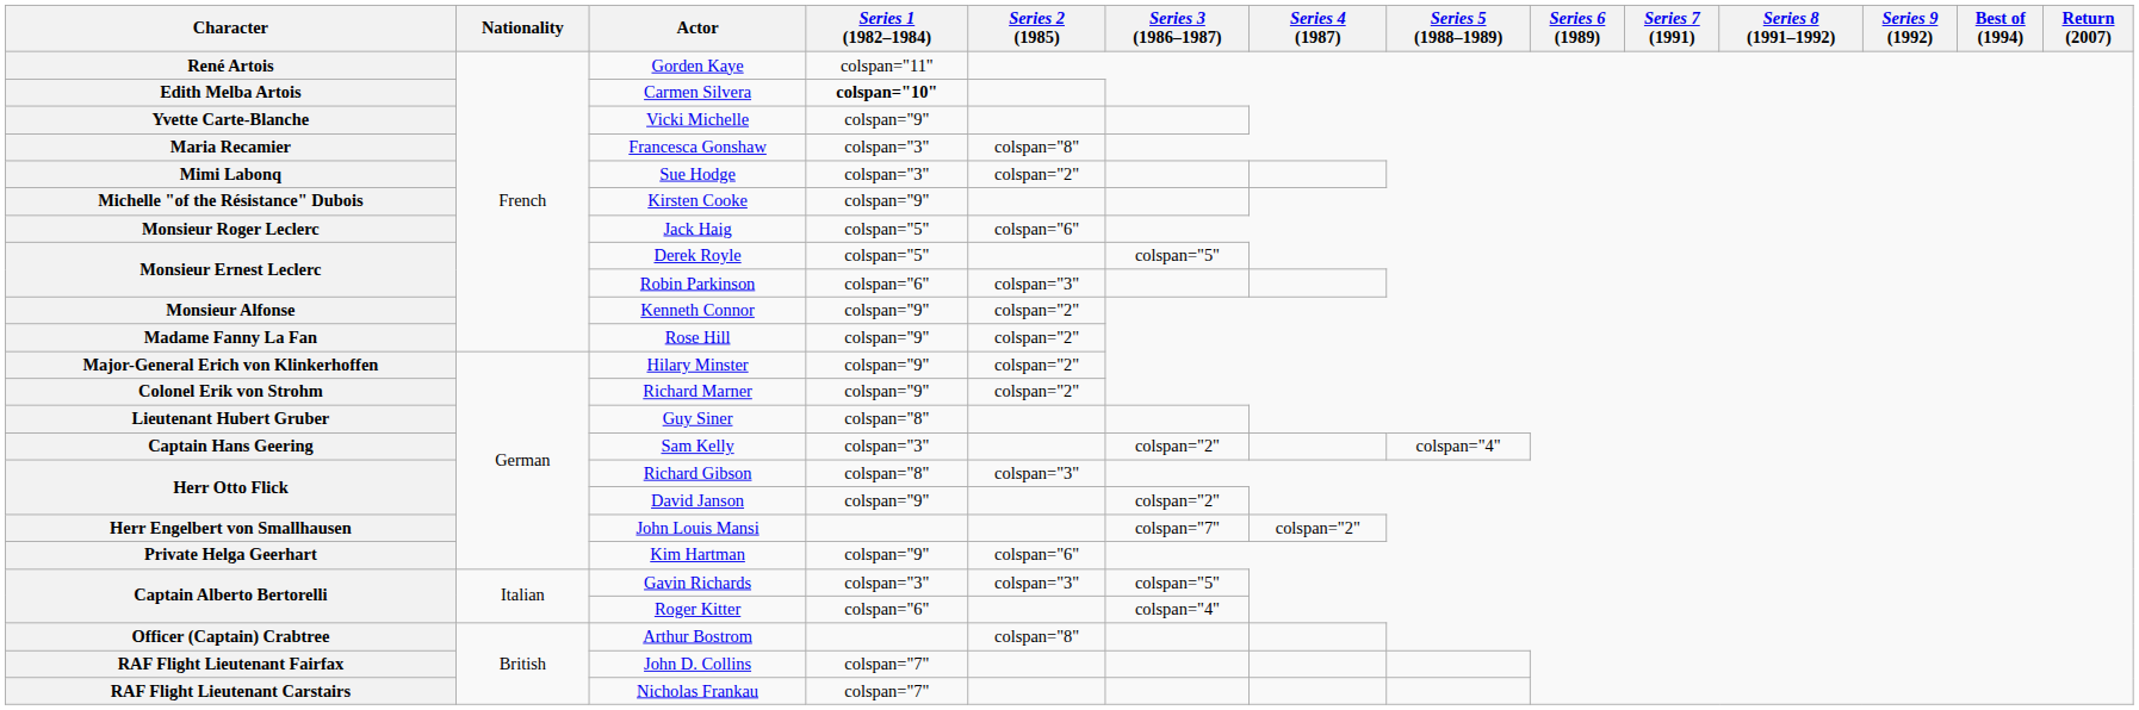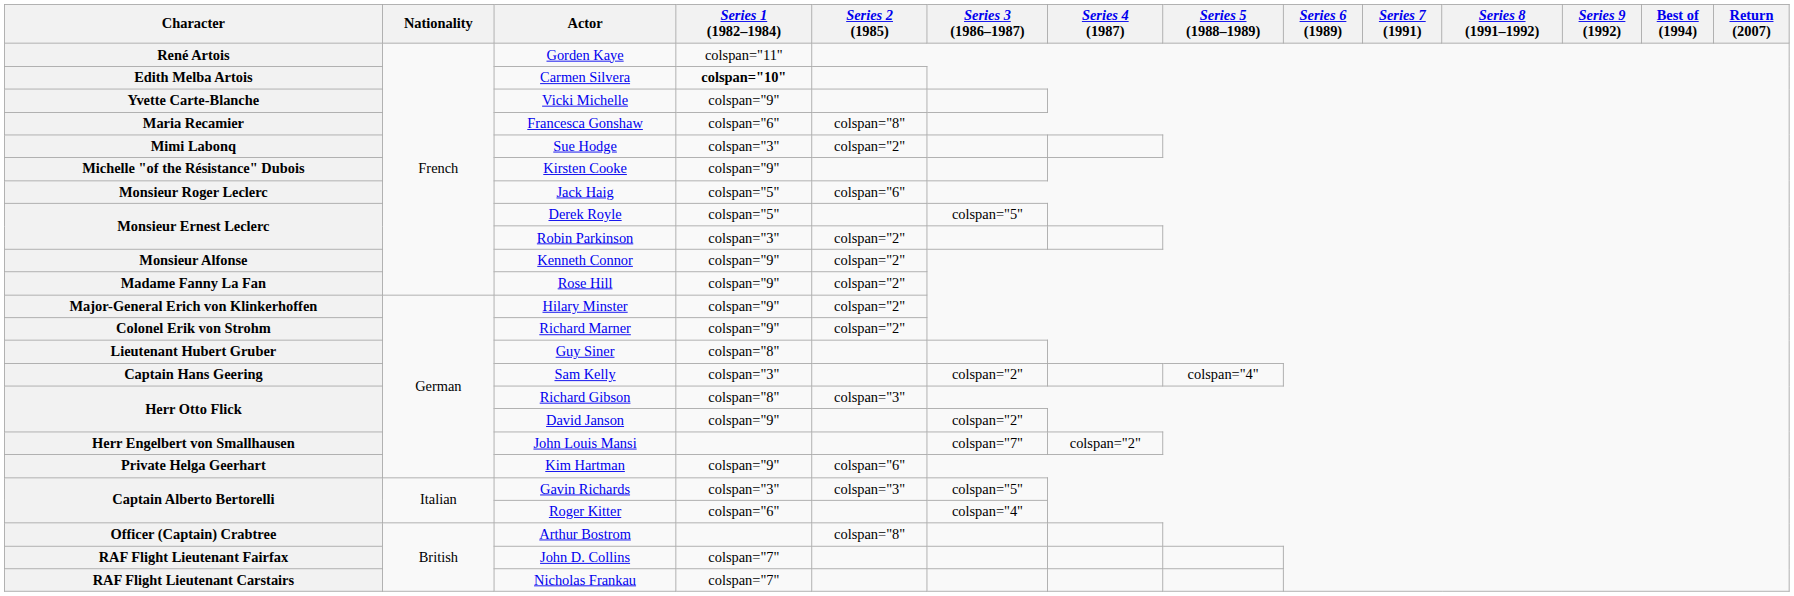 <table class="wikitable" style="text-align:center; width:100%;">
 <tr>
 <th style="text-align:center;">Character</th>
 <th style="text-align:center;">Nationality</th>
 <th style="text-align:center;">Actor</th>
 <th style="text-align:center;"><em><a href='#'>Series 1</a></em><br>(1982–1984)</th>
 <th style="text-align:center;"><em><a href='#'>Series 2</a></em><br>(1985)</th>
 <th style="text-align:center;"><em><a href='#'>Series 3</a></em><br>(1986–1987)</th>
 <th style="text-align:center;"><em><a href='#'>Series 4</a></em><br>(1987)</th>
 <th style="text-align:center;"><em><a href='#'>Series 5</a></em><br>(1988–1989)</th>
 <th style="text-align:center;"><em><a href='#'>Series 6</a></em><br>(1989)</th>
 <th style="text-align:center;"><em><a href='#'>Series 7</a></em><br>(1991)</th>
 <th style="text-align:center;"><em><a href='#'>Series 8</a></em><br>(1991–1992)</th>
 <th style="text-align:center;"><em><a href='#'>Series 9</a></em><br>(1992)</th>
 <th style="text-align:center;"><a href='#'>Best of</a><br>(1994)</th>
 <th style="text-align:center;"><a href='#'>Return</a><br>(2007)</th>
 </tr>
 <tr>
 <th>René Artois</th>
 <td rowspan="11" style="text-align:center;">French</td>
 <td><a href='#'>Gorden Kaye</a></td>
 <td>colspan="11" </td>
 </tr>
 <tr>
 <th>Edith Melba Artois</th>
 <td><a href='#'>Carmen Silvera</a></td>
 <td><strong>colspan="10" </strong></td>
 <td></td>
 </tr>
 <tr>
 <th>Yvette Carte-Blanche</th>
 <td><a href='#'>Vicki Michelle</a></td>
 <td>colspan="9" </td>
 <td></td>
 <td></td>
 </tr>
 <tr>
 <th>Maria Recamier</th>
 <td><a href='#'>Francesca Gonshaw</a></td>
-<td>colspan="3" </td>
+<td>colspan="6" </td>
 <td>colspan="8" </td>
 </tr>
 <tr>
 <th>Mimi Labonq</th>
 <td><a href='#'>Sue Hodge</a></td>
 <td>colspan="3" </td>
 <td>colspan="2" </td>
 <td></td>
 <td></td>
 </tr>
 <tr>
 <th>Michelle "of the Résistance" Dubois</th>
 <td><a href='#'>Kirsten Cooke</a></td>
 <td>colspan="9" </td>
 <td></td>
 <td></td>
 </tr>
 <tr>
 <th>Monsieur Roger Leclerc</th>
 <td><a href='#'>Jack Haig</a></td>
 <td>colspan="5" </td>
 <td>colspan="6" </td>
 </tr>
 <tr>
 <th rowspan="2">Monsieur Ernest Leclerc</th>
 <td><a href='#'>Derek Royle</a></td>
 <td>colspan="5" </td>
 <td></td>
 <td>colspan="5" </td>
 </tr>
 <tr>
 <td><a href='#'>Robin Parkinson</a></td>
-<td>colspan="6" </td>
 <td>colspan="3" </td>
+<td>colspan="2" </td>
 <td></td>
 <td></td>
 </tr>
 <tr>
 <th>Monsieur Alfonse</th>
 <td><a href='#'>Kenneth Connor</a></td>
 <td>colspan="9" </td>
 <td>colspan="2" </td>
 </tr>
 <tr>
 <th>Madame Fanny La Fan</th>
 <td><a href='#'>Rose Hill</a></td>
 <td>colspan="9" </td>
 <td>colspan="2" </td>
 </tr>
 <tr>
 <th>Major-General Erich von Klinkerhoffen</th>
 <td rowspan="8" style="text-align:center;">German</td>
 <td><a href='#'>Hilary Minster</a></td>
 <td>colspan="9" </td>
 <td>colspan="2" </td>
 </tr>
 <tr>
 <th>Colonel Erik von Strohm</th>
 <td><a href='#'>Richard Marner</a></td>
 <td>colspan="9" </td>
 <td>colspan="2" </td>
 </tr>
 <tr>
 <th>Lieutenant Hubert Gruber</th>
 <td><a href='#'>Guy Siner</a></td>
 <td>colspan="8" </td>
 <td></td>
 <td></td>
 </tr>
 <tr>
 <th>Captain Hans Geering</th>
 <td><a href='#'>Sam Kelly</a></td>
 <td>colspan="3" </td>
 <td></td>
 <td>colspan="2" </td>
 <td></td>
 <td>colspan="4" </td>
 </tr>
 <tr>
 <th rowspan="2">Herr Otto Flick</th>
 <td><a href='#'>Richard Gibson</a></td>
 <td>colspan="8" </td>
 <td>colspan="3" </td>
 </tr>
 <tr>
 <td><a href='#'>David Janson</a></td>
 <td>colspan="9" </td>
 <td></td>
 <td>colspan="2" </td>
 </tr>
 <tr>
 <th>Herr Engelbert von Smallhausen</th>
 <td><a href='#'>John Louis Mansi</a></td>
 <td></td>
 <td></td>
 <td>colspan="7" </td>
 <td>colspan="2" </td>
 </tr>
 <tr>
 <th>Private Helga Geerhart</th>
 <td><a href='#'>Kim Hartman</a></td>
 <td>colspan="9" </td>
 <td>colspan="6" </td>
 </tr>
 <tr>
 <th rowspan="2">Captain Alberto Bertorelli</th>
 <td rowspan="2" style="text-align:center;">Italian</td>
 <td><a href='#'>Gavin Richards</a></td>
 <td>colspan="3" </td>
 <td>colspan="3" </td>
 <td>colspan="5" </td>
 </tr>
 <tr>
 <td><a href='#'>Roger Kitter</a></td>
 <td>colspan="6" </td>
 <td></td>
 <td>colspan="4" </td>
 </tr>
 <tr>
 <th>Officer (Captain) Crabtree</th>
 <td rowspan="3" style="text-align:center;">British</td>
 <td><a href='#'>Arthur Bostrom</a></td>
 <td></td>
 <td>colspan="8" </td>
 <td></td>
 <td></td>
 </tr>
 <tr>
 <th>RAF Flight Lieutenant Fairfax</th>
 <td><a href='#'>John D. Collins</a></td>
 <td>colspan="7" </td>
 <td></td>
 <td></td>
 <td></td>
 <td></td>
 </tr>
 <tr>
 <th>RAF Flight Lieutenant Carstairs</th>
 <td><a href='#'>Nicholas Frankau</a></td>
 <td>colspan="7" </td>
 <td></td>
 <td></td>
 <td></td>
 <td></td>
 </tr>
 </table>
